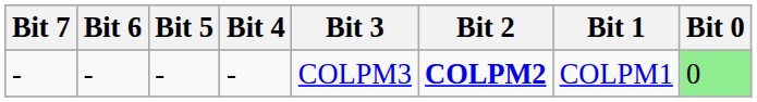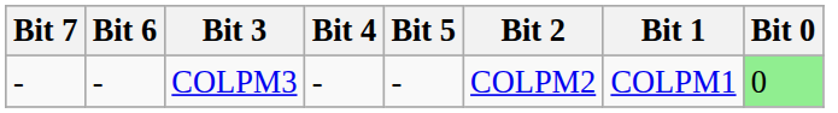 <table class="wikitable">
 <tr>
 <th>Bit 7</th>
 <th>Bit 6</th>
+<th>Bit 3</th>
+<th>Bit 4</th>
 <th>Bit 5</th>
-<th>Bit 4</th>
-<th>Bit 3</th>
 <th>Bit 2</th>
 <th>Bit 1</th>
 <th>Bit 0</th>
 </tr>
 <tr>
 <td>-</td>
 <td>-</td>
+<td><a href='#'>COLPM3</a></td>
 <td>-</td>
 <td>-</td>
-<td><a href='#'>COLPM3</a></td>
-<td><strong><a href='#'>COLPM2</a></strong></td>
+<td><a href='#'>COLPM2</a></td>
 <td><a href='#'>COLPM1</a></td>
 <td style="background: lightgreen;">0</td>
 </tr>
 </table>
